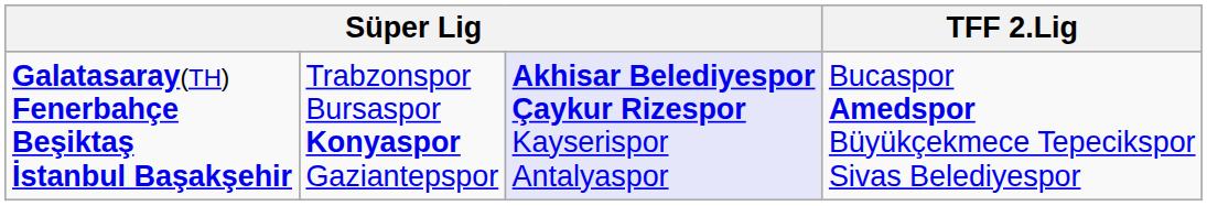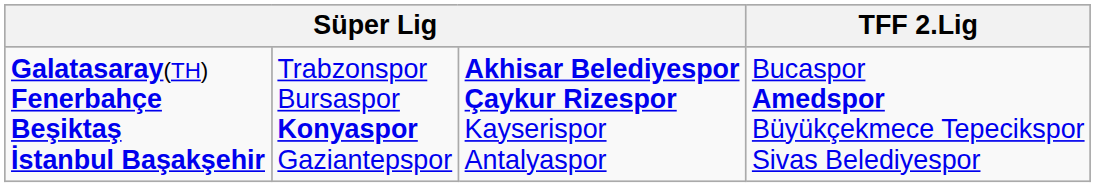 <table class="wikitable">
 <tr>
 <th colspan=3>Süper Lig</th>
 <th>TFF 2.Lig</th>
 </tr>
 <tr>
 <td valign=top><strong><a href='#'>Galatasaray</a></strong><small>(<a href='#'>TH</a>)</small><br><strong><a href='#'>Fenerbahçe</a></strong><br><strong><a href='#'>Beşiktaş</a></strong><br><strong><a href='#'>İstanbul Başakşehir</a></strong></td>
 <td valign=top><a href='#'>Trabzonspor</a><br><a href='#'>Bursaspor</a><br><strong><a href='#'>Konyaspor</a></strong><br><a href='#'>Gaziantepspor</a></td>
-<td valign=top style="background: lavender;"><strong><a href='#'>Akhisar Belediyespor</a></strong><br><strong><a href='#'>Çaykur Rizespor</a></strong><br><a href='#'>Kayserispor</a><br><a href='#'>Antalyaspor</a></td>
+<td valign=top><strong><a href='#'>Akhisar Belediyespor</a></strong><br><strong><a href='#'>Çaykur Rizespor</a></strong><br><a href='#'>Kayserispor</a><br><a href='#'>Antalyaspor</a></td>
 <td valign=top><a href='#'>Bucaspor</a><br><strong><a href='#'>Amedspor</a></strong><br><a href='#'>Büyükçekmece Tepecikspor</a><br><a href='#'>Sivas Belediyespor</a></td>
 </tr>
 </table>
